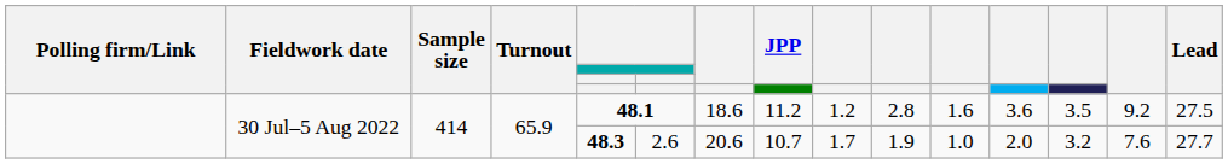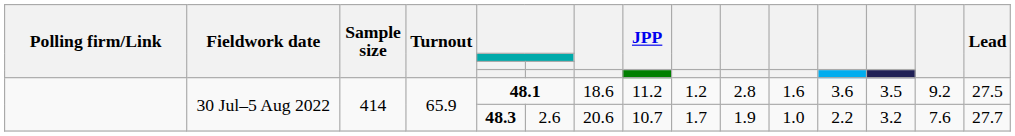 <table class="wikitable collapsible sortable" style="text-align:center; font-size:95%; line-height:16px;">
 <tr style="height:42px;">
 <th style="width:150px;" rowspan="4">Polling firm/Link</th>
 <th style="width:125px;" rowspan="4">Fieldwork date</th>
 <th class="unsortable" style="width:50px;" rowspan="4">Sample size</th>
 <th class="unsortable" style="width:45px;" rowspan="4">Turnout</th>
 <th class="unsortable" style="width:35px;" colspan="2"></th>
 <th class="unsortable" style="width:35px;" rowspan="3"></th>
 <th class="unsortable" style="width:35px;" rowspan="3"><a href='#'>JPP</a></th>
 <th class="unsortable" style="width:35px;" rowspan="3"></th>
 <th class="unsortable" style="width:35px;" rowspan="3"></th>
 <th class="unsortable" style="width:35px;" rowspan="3"></th>
 <th class="unsortable" style="width:35px;" rowspan="3"></th>
 <th class="unsortable" style="width:35px;" rowspan="3"></th>
 <th class="unsortable" style="width:35px;" rowspan="4"></th>
 <th class="unsortable" style="width:30px;" rowspan="4">Lead</th>
 </tr>
 <tr>
 <th class="unsortable" style="background:#00aaaa ;" colspan="2"></th>
 </tr>
 <tr>
 <th class="unsortable" style="width:35px;"></th>
 <th class="unsortable" style="width:35px;"></th>
 </tr>
 <tr>
 <th class="unsortable" style="color:inherit;background:"></th>
 <th class="unsortable" style="color:inherit;background:"></th>
 <th class="unsortable" style="color:inherit;background:"></th>
 <th class="unsortable" style="color:inherit;background:green;"></th>
 <th class="unsortable" style="color:inherit;background:"></th>
 <th class="unsortable" style="color:inherit;background:"></th>
 <th class="sortable" style="background:"></th>
 <th class="sortable" style="background:#00ADEF;"></th>
 <th class="sortable" style="background:#202056;"></th>
 </tr>
 <tr>
 <td rowspan="2"></td>
 <td rowspan="2" data-sort-value="2017-03-16">30 Jul–5 Aug 2022</td>
 <td rowspan="2">414</td>
 <td rowspan="2">65.9</td>
 <td colspan="2" ><strong>48.1</strong></td>
 <td>18.6</td>
 <td>11.2</td>
 <td>1.2</td>
 <td>2.8</td>
 <td>1.6</td>
 <td>3.6</td>
 <td>3.5</td>
 <td>9.2</td>
 <td style="background:">27.5</td>
 </tr>
 <tr>
 <td><strong>48.3</strong></td>
 <td>2.6</td>
 <td>20.6</td>
 <td>10.7</td>
 <td>1.7</td>
 <td>1.9</td>
 <td>1.0</td>
-<td>2.0</td>
+<td>2.2</td>
 <td>3.2</td>
 <td>7.6</td>
 <td style="background:">27.7</td>
 </tr>
 </table>
